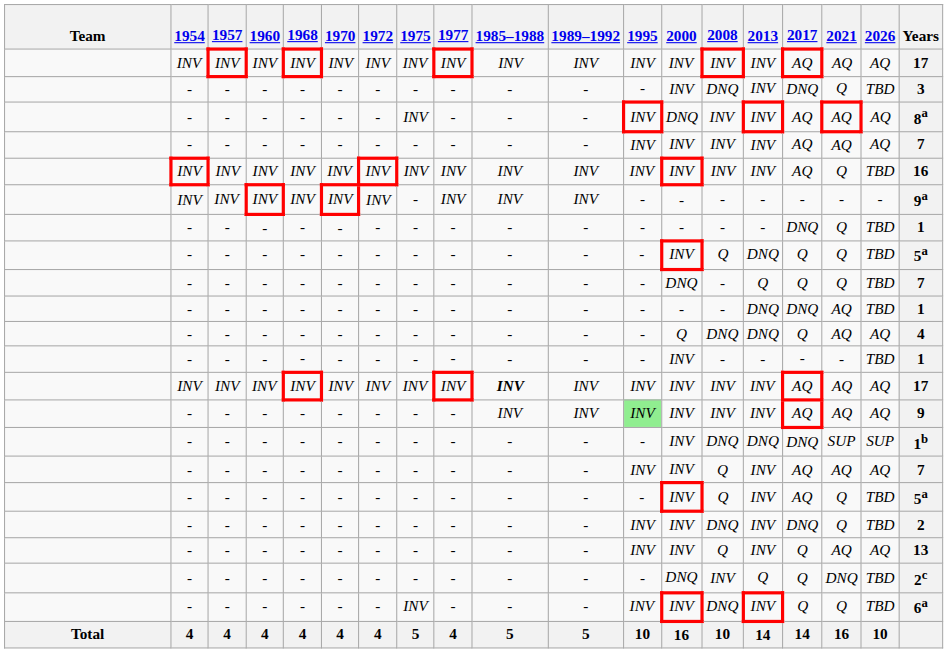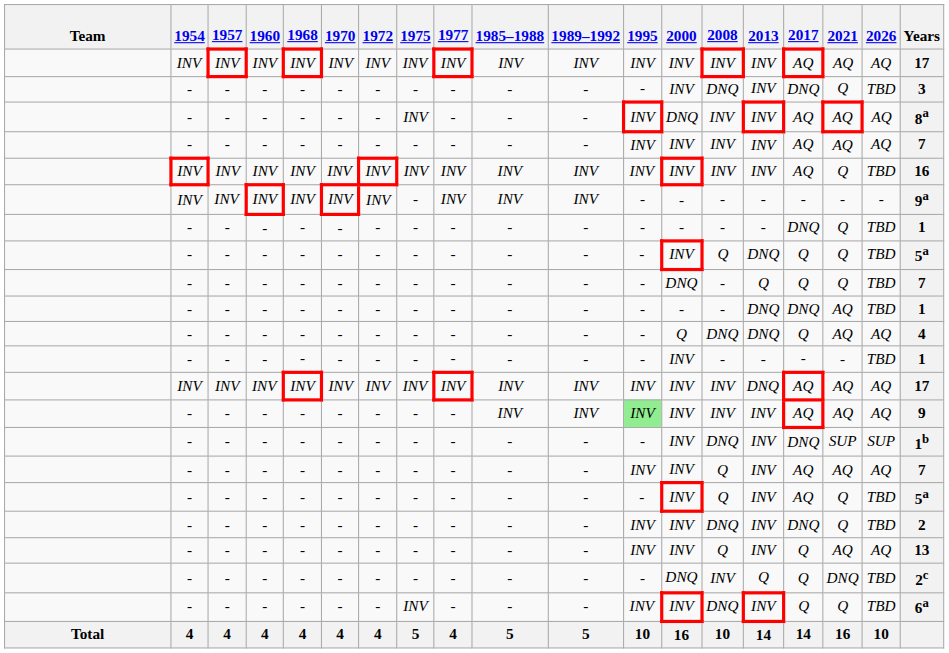 <table class="wikitable" style="text-align:center; font-size:90%">
 <tr valign="bottom">
 <th width=150>Team</th>
 <th><br><a href='#'>1954</a></th>
 <th><br><a href='#'>1957</a></th>
 <th><br><a href='#'>1960</a></th>
 <th><br><a href='#'>1968</a></th>
 <th><br><a href='#'>1970</a></th>
 <th><br><a href='#'>1972</a></th>
 <th><br><a href='#'>1975</a></th>
 <th><br><a href='#'>1977</a></th>
 <th><a href='#'>1985–1988</a></th>
 <th><a href='#'>1989–1992</a></th>
 <th><br><a href='#'>1995</a></th>
 <th><br><a href='#'>2000</a></th>
 <th><br><a href='#'>2008</a></th>
 <th><br><a href='#'>2013</a></th>
 <th><br><a href='#'>2017</a></th>
 <th><br><a href='#'>2021</a></th>
 <th><br><a href='#'>2026</a></th>
 <th>Years</th>
 </tr>
 <tr>
 <td align=left></td>
 <td><em>INV</em></td>
 <td style="border: 3px solid red"><em>INV</em></td>
 <td><em>INV</em></td>
 <td style="border: 3px solid red"><em>INV</em></td>
 <td><em>INV</em></td>
 <td><em>INV</em></td>
 <td><em>INV</em></td>
 <td style="border: 3px solid red"><em>INV</em></td>
 <td><em>INV</em></td>
 <td><em>INV</em></td>
 <td><em>INV</em></td>
 <td><em>INV</em></td>
 <td style="border: 3px solid red"><em>INV</em></td>
 <td><em>INV</em></td>
 <td style="border: 3px solid red"><em>AQ</em></td>
 <td><em>AQ</em></td>
 <td><em>AQ</em></td>
 <th>17</th>
 </tr>
 <tr>
 <td align=left></td>
 <td><em>-</em></td>
 <td><em>-</em></td>
 <td><em>-</em></td>
 <td><em>-</em></td>
 <td><em>-</em></td>
 <td><em>-</em></td>
 <td><em>-</em></td>
 <td><em>-</em></td>
 <td><em>-</em></td>
 <td><em>-</em></td>
 <td><em>-</em></td>
 <td><em>INV</em></td>
 <td><em>DNQ</em></td>
 <td><em>INV</em></td>
 <td><em>DNQ</em></td>
 <td><em>Q</em></td>
 <td><em>TBD</em></td>
 <th>3</th>
 </tr>
 <tr>
 <td align=left></td>
 <td><em>-</em></td>
 <td><em>-</em></td>
 <td><em>-</em></td>
 <td><em>-</em></td>
 <td><em>-</em></td>
 <td><em>-</em></td>
 <td><em>INV</em></td>
 <td><em>-</em></td>
 <td><em>-</em></td>
 <td><em>-</em></td>
 <td style="border: 3px solid red"><em>INV</em></td>
 <td><em>DNQ</em></td>
 <td><em>INV</em></td>
 <td style="border: 3px solid red"><em>INV</em></td>
 <td><em>AQ</em></td>
 <td style="border: 3px solid red"><em>AQ</em></td>
 <td><em>AQ</em></td>
 <th>8<sup>a</sup></th>
 </tr>
 <tr>
 <td align=left></td>
 <td><em>-</em></td>
 <td><em>-</em></td>
 <td><em>-</em></td>
 <td><em>-</em></td>
 <td><em>-</em></td>
 <td><em>-</em></td>
 <td><em>-</em></td>
 <td><em>-</em></td>
 <td><em>-</em></td>
 <td><em>-</em></td>
 <td><em>INV</em></td>
 <td><em>INV</em></td>
 <td><em>INV</em></td>
 <td><em>INV</em></td>
 <td><em>AQ</em></td>
 <td><em>AQ</em></td>
 <td><em>AQ</em></td>
 <th>7</th>
 </tr>
 <tr>
 <td align=left></td>
 <td style="border: 3px solid red"><em>INV</em></td>
 <td><em>INV</em></td>
 <td><em>INV</em></td>
 <td><em>INV</em></td>
 <td><em>INV</em></td>
 <td style="border: 3px solid red"><em>INV</em></td>
 <td><em>INV</em></td>
 <td><em>INV</em></td>
 <td><em>INV</em></td>
 <td><em>INV</em></td>
 <td><em>INV</em></td>
 <td style="border: 3px solid red"><em>INV</em></td>
 <td><em>INV</em></td>
 <td><em>INV</em></td>
 <td><em>AQ</em></td>
 <td><em>Q</em></td>
 <td><em>TBD</em></td>
 <th>16</th>
 </tr>
 <tr>
 <td align=left></td>
 <td><em>INV</em></td>
 <td><em>INV</em></td>
 <td style="border: 3px solid red"><em>INV</em></td>
 <td><em>INV</em></td>
 <td style="border: 3px solid red"><em>INV</em></td>
 <td><em>INV</em></td>
 <td><em>-</em></td>
 <td><em>INV</em></td>
 <td><em>INV</em></td>
 <td><em>INV</em></td>
 <td><em>-</em></td>
 <td><em>-</em></td>
 <td><em>-</em></td>
 <td><em>-</em></td>
 <td><em>-</em></td>
 <td><em>-</em></td>
 <td><em>-</em></td>
 <th>9<sup>a</sup></th>
 </tr>
 <tr>
 <td align=left></td>
 <td><em>-</em></td>
 <td><em>-</em></td>
 <td><em>-</em></td>
 <td><em>-</em></td>
 <td><em>-</em></td>
 <td><em>-</em></td>
 <td><em>-</em></td>
 <td><em>-</em></td>
 <td><em>-</em></td>
 <td><em>-</em></td>
 <td><em>-</em></td>
 <td><em>-</em></td>
 <td><em>-</em></td>
 <td><em>-</em></td>
 <td><em>DNQ</em></td>
 <td><em>Q</em></td>
 <td><em>TBD</em></td>
 <th>1</th>
 </tr>
 <tr>
 <td align=left></td>
 <td><em>-</em></td>
 <td><em>-</em></td>
 <td><em>-</em></td>
 <td><em>-</em></td>
 <td><em>-</em></td>
 <td><em>-</em></td>
 <td><em>-</em></td>
 <td><em>-</em></td>
 <td><em>-</em></td>
 <td><em>-</em></td>
 <td><em>-</em></td>
 <td style="border: 3px solid red"><em>INV</em></td>
 <td><em>Q</em></td>
 <td><em>DNQ</em></td>
 <td><em>Q</em></td>
 <td><em>Q</em></td>
 <td><em>TBD</em></td>
 <th>5<sup>a</sup></th>
 </tr>
 <tr>
 <td align=left></td>
 <td><em>-</em></td>
 <td><em>-</em></td>
 <td><em>-</em></td>
 <td><em>-</em></td>
 <td><em>-</em></td>
 <td><em>-</em></td>
 <td><em>-</em></td>
 <td><em>-</em></td>
 <td><em>-</em></td>
 <td><em>-</em></td>
 <td><em>-</em></td>
 <td><em>DNQ</em></td>
 <td><em>-</em></td>
 <td><em>Q</em></td>
 <td><em>Q</em></td>
 <td><em>Q</em></td>
 <td><em>TBD</em></td>
 <th>7</th>
 </tr>
 <tr>
 <td align=left></td>
 <td><em>-</em></td>
 <td><em>-</em></td>
 <td><em>-</em></td>
 <td><em>-</em></td>
 <td><em>-</em></td>
 <td><em>-</em></td>
 <td><em>-</em></td>
 <td><em>-</em></td>
 <td><em>-</em></td>
 <td><em>-</em></td>
 <td><em>-</em></td>
 <td><em>-</em></td>
 <td><em>-</em></td>
 <td><em>DNQ</em></td>
 <td><em>DNQ</em></td>
 <td><em>AQ</em></td>
 <td><em>TBD</em></td>
 <th>1</th>
 </tr>
 <tr>
 <td align=left></td>
 <td><em>-</em></td>
 <td><em>-</em></td>
 <td><em>-</em></td>
 <td><em>-</em></td>
 <td><em>-</em></td>
 <td><em>-</em></td>
 <td><em>-</em></td>
 <td><em>-</em></td>
 <td><em>-</em></td>
 <td><em>-</em></td>
 <td><em>-</em></td>
 <td><em>Q</em></td>
 <td><em>DNQ</em></td>
 <td><em>DNQ</em></td>
 <td><em>Q</em></td>
 <td><em>AQ</em></td>
 <td><em>AQ</em></td>
 <th>4</th>
 </tr>
 <tr>
 <td align=left></td>
 <td><em>-</em></td>
 <td><em>-</em></td>
 <td><em>-</em></td>
 <td><em>-</em></td>
 <td><em>-</em></td>
 <td><em>-</em></td>
 <td><em>-</em></td>
 <td><em>-</em></td>
 <td><em>-</em></td>
 <td><em>-</em></td>
 <td><em>-</em></td>
 <td><em>INV</em></td>
 <td><em>-</em></td>
 <td><em>-</em></td>
 <td><em>-</em></td>
 <td><em>-</em></td>
 <td><em>TBD</em></td>
 <th>1</th>
 </tr>
 <tr>
 <td align=left></td>
 <td><em>INV</em></td>
 <td><em>INV</em></td>
 <td><em>INV</em></td>
 <td style="border: 3px solid red"><em>INV</em></td>
 <td><em>INV</em></td>
 <td><em>INV</em></td>
 <td><em>INV</em></td>
 <td style="border: 3px solid red"><em>INV</em></td>
-<td><strong><em>INV</em></strong></td>
 <td><em>INV</em></td>
 <td><em>INV</em></td>
 <td><em>INV</em></td>
 <td><em>INV</em></td>
 <td><em>INV</em></td>
+<td><em>DNQ</em></td>
 <td style="border: 3px solid red"><em>AQ</em></td>
 <td><em>AQ</em></td>
 <td><em>AQ</em></td>
 <th>17</th>
 </tr>
 <tr>
 <td align=left></td>
 <td><em>-</em></td>
 <td><em>-</em></td>
 <td><em>-</em></td>
 <td><em>-</em></td>
 <td><em>-</em></td>
 <td><em>-</em></td>
 <td><em>-</em></td>
 <td><em>-</em></td>
 <td><em>INV</em></td>
 <td><em>INV</em></td>
 <td style="background: lightgreen;"><em>INV</em></td>
 <td><em>INV</em></td>
 <td><em>INV</em></td>
 <td><em>INV</em></td>
 <td style="border: 3px solid red"><em>AQ</em></td>
 <td><em>AQ</em></td>
 <td><em>AQ</em></td>
 <th>9</th>
 </tr>
 <tr>
 <td align=left></td>
 <td><em>-</em></td>
 <td><em>-</em></td>
 <td><em>-</em></td>
 <td><em>-</em></td>
 <td><em>-</em></td>
 <td><em>-</em></td>
 <td><em>-</em></td>
 <td><em>-</em></td>
 <td><em>-</em></td>
 <td><em>-</em></td>
 <td><em>-</em></td>
 <td><em>INV</em></td>
 <td><em>DNQ</em></td>
-<td><em>DNQ</em></td>
+<td><em>INV</em></td>
 <td><em>DNQ</em></td>
 <td><em>SUP</em></td>
 <td><em>SUP</em></td>
 <th>1<sup>b</sup></th>
 </tr>
 <tr>
 <td align=left></td>
 <td><em>-</em></td>
 <td><em>-</em></td>
 <td><em>-</em></td>
 <td><em>-</em></td>
 <td><em>-</em></td>
 <td><em>-</em></td>
 <td><em>-</em></td>
 <td><em>-</em></td>
 <td><em>-</em></td>
 <td><em>-</em></td>
 <td><em>INV</em></td>
 <td><em>INV</em></td>
 <td><em>Q</em></td>
 <td><em>INV</em></td>
 <td><em>AQ</em></td>
 <td><em>AQ</em></td>
 <td><em>AQ</em></td>
 <th>7</th>
 </tr>
 <tr>
 <td align=left></td>
 <td><em>-</em></td>
 <td><em>-</em></td>
 <td><em>-</em></td>
 <td><em>-</em></td>
 <td><em>-</em></td>
 <td><em>-</em></td>
 <td><em>-</em></td>
 <td><em>-</em></td>
 <td><em>-</em></td>
 <td><em>-</em></td>
 <td><em>-</em></td>
 <td style="border: 3px solid red"><em>INV</em></td>
 <td><em>Q</em></td>
 <td><em>INV</em></td>
 <td><em>AQ</em></td>
 <td><em>Q</em></td>
 <td><em>TBD</em></td>
 <th>5<sup>a</sup></th>
 </tr>
 <tr>
 <td align=left></td>
 <td><em>-</em></td>
 <td><em>-</em></td>
 <td><em>-</em></td>
 <td><em>-</em></td>
 <td><em>-</em></td>
 <td><em>-</em></td>
 <td><em>-</em></td>
 <td><em>-</em></td>
 <td><em>-</em></td>
 <td><em>-</em></td>
 <td><em>INV</em></td>
 <td><em>INV</em></td>
 <td><em>DNQ</em></td>
 <td><em>INV</em></td>
 <td><em>DNQ</em></td>
 <td><em>Q</em></td>
 <td><em>TBD</em></td>
 <th>2</th>
 </tr>
 <tr>
 <td align=left></td>
 <td><em>-</em></td>
 <td><em>-</em></td>
 <td><em>-</em></td>
 <td><em>-</em></td>
 <td><em>-</em></td>
 <td><em>-</em></td>
 <td><em>-</em></td>
 <td><em>-</em></td>
 <td><em>-</em></td>
 <td><em>-</em></td>
 <td><em>INV</em></td>
 <td><em>INV</em></td>
 <td><em>Q</em></td>
 <td><em>INV</em></td>
 <td><em>Q</em></td>
 <td><em>AQ</em></td>
 <td><em>AQ</em></td>
 <th>13</th>
 </tr>
 <tr>
 <td align=left></td>
 <td><em>-</em></td>
 <td><em>-</em></td>
 <td><em>-</em></td>
 <td><em>-</em></td>
 <td><em>-</em></td>
 <td><em>-</em></td>
 <td><em>-</em></td>
 <td><em>-</em></td>
 <td><em>-</em></td>
 <td><em>-</em></td>
 <td><em>-</em></td>
 <td><em>DNQ</em></td>
 <td><em>INV</em></td>
 <td><em>Q</em></td>
 <td><em>Q</em></td>
 <td><em>DNQ</em></td>
 <td><em>TBD</em></td>
 <th>2<sup>c</sup></th>
 </tr>
 <tr>
 <td align=left></td>
 <td><em>-</em></td>
 <td><em>-</em></td>
 <td><em>-</em></td>
 <td><em>-</em></td>
 <td><em>-</em></td>
 <td><em>-</em></td>
 <td><em>INV</em></td>
 <td><em>-</em></td>
 <td><em>-</em></td>
 <td><em>-</em></td>
 <td><em>INV</em></td>
 <td style="border: 3px solid red"><em>INV</em></td>
 <td><em>DNQ</em></td>
 <td style="border: 3px solid red"><em>INV</em></td>
 <td><em>Q</em></td>
 <td><em>Q</em></td>
 <td><em>TBD</em></td>
 <th>6<sup>a</sup></th>
 </tr>
 <tr>
 <th>Total</th>
 <th>4</th>
 <th>4</th>
 <th>4</th>
 <th>4</th>
 <th>4</th>
 <th>4</th>
 <th>5</th>
 <th>4</th>
 <th>5</th>
 <th>5</th>
 <th>10</th>
 <th>16</th>
 <th>10</th>
 <th>14</th>
 <th>14</th>
 <th>16</th>
 <th>10</th>
 <th></th>
 </tr>
 </table>
